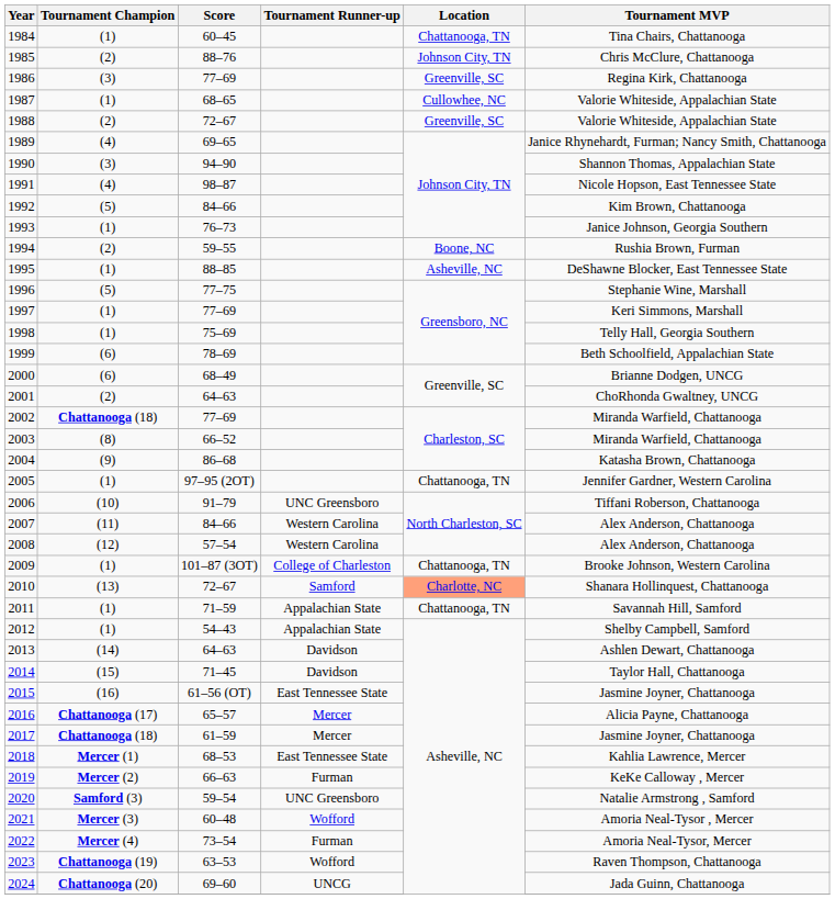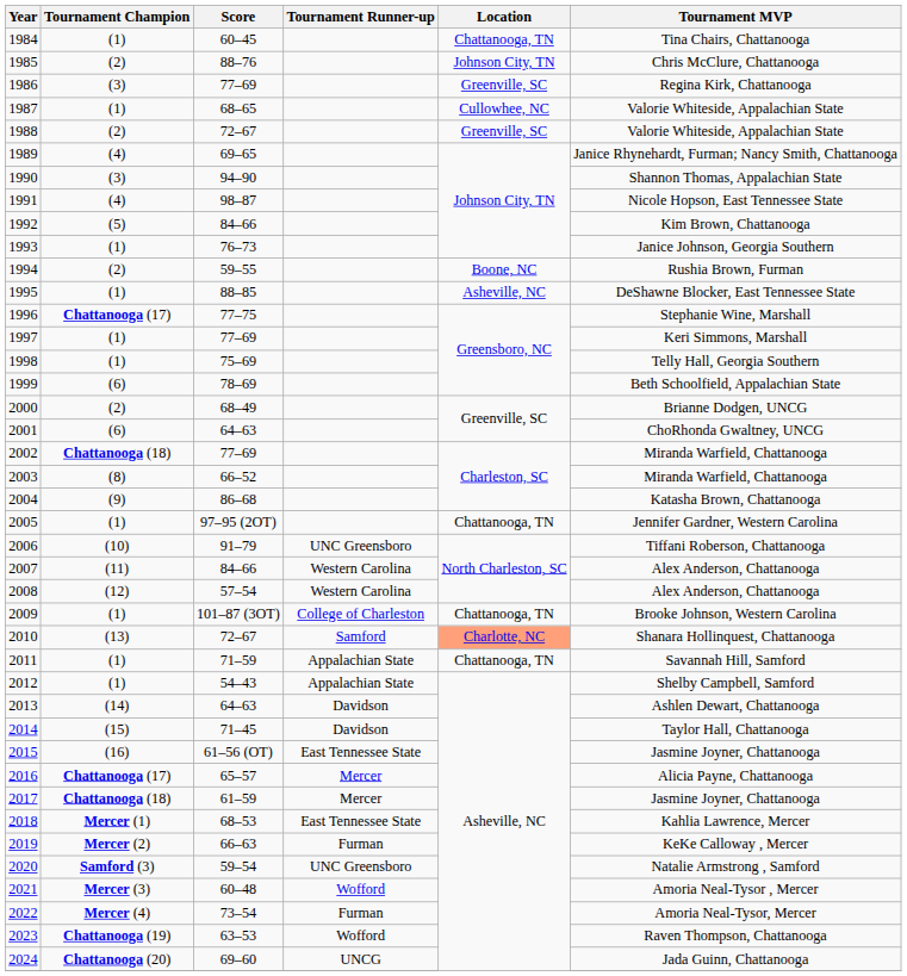 <table class="wikitable sortable" style="text-align:center">
 <tr>
 <th width=px>Year</th>
 <th width=px>Tournament Champion</th>
 <th width=px>Score</th>
 <th width=px>Tournament Runner-up</th>
 <th width=px>Location</th>
 <th width=px>Tournament MVP</th>
 </tr>
 <tr>
 <td>1984</td>
 <td><strong></strong> (1)</td>
 <td>60–45</td>
 <td></td>
 <td><a href='#'>Chattanooga, TN</a></td>
 <td>Tina Chairs, Chattanooga</td>
 </tr>
 <tr>
 <td>1985</td>
 <td><strong></strong> (2)</td>
 <td>88–76</td>
 <td></td>
 <td><a href='#'>Johnson City, TN</a></td>
 <td>Chris McClure, Chattanooga</td>
 </tr>
 <tr>
 <td>1986</td>
 <td><strong></strong> (3)</td>
 <td>77–69</td>
 <td></td>
 <td><a href='#'>Greenville, SC</a></td>
 <td>Regina Kirk, Chattanooga</td>
 </tr>
 <tr>
 <td>1987</td>
 <td><strong></strong> (1)</td>
 <td>68–65</td>
 <td></td>
 <td><a href='#'>Cullowhee, NC</a></td>
 <td>Valorie Whiteside, Appalachian State</td>
 </tr>
 <tr>
 <td>1988</td>
 <td><strong></strong> (2)</td>
 <td>72–67</td>
 <td></td>
 <td><a href='#'>Greenville, SC</a></td>
 <td>Valorie Whiteside, Appalachian State</td>
 </tr>
 <tr>
 <td>1989</td>
 <td><strong></strong> (4)</td>
 <td>69–65</td>
 <td></td>
 <td rowspan=5><a href='#'>Johnson City, TN</a></td>
 <td>Janice Rhynehardt, Furman; Nancy Smith, Chattanooga</td>
 </tr>
 <tr>
 <td>1990</td>
 <td><strong></strong> (3)</td>
 <td>94–90</td>
 <td></td>
 <td>Shannon Thomas, Appalachian State</td>
 </tr>
 <tr>
 <td>1991</td>
 <td><strong></strong> (4)</td>
 <td>98–87</td>
 <td></td>
 <td>Nicole Hopson, East Tennessee State</td>
 </tr>
 <tr>
 <td>1992</td>
 <td><strong></strong> (5)</td>
 <td>84–66</td>
 <td></td>
 <td>Kim Brown, Chattanooga</td>
 </tr>
 <tr>
 <td>1993</td>
 <td><strong></strong> (1)</td>
 <td>76–73</td>
 <td></td>
 <td>Janice Johnson, Georgia Southern</td>
 </tr>
 <tr>
 <td>1994</td>
 <td><strong></strong> (2)</td>
 <td>59–55</td>
 <td></td>
 <td><a href='#'>Boone, NC</a></td>
 <td>Rushia Brown, Furman</td>
 </tr>
 <tr>
 <td>1995</td>
 <td><strong></strong> (1)</td>
 <td>88–85</td>
 <td></td>
 <td><a href='#'>Asheville, NC</a></td>
 <td>DeShawne Blocker, East Tennessee State</td>
 </tr>
 <tr>
 <td>1996</td>
-<td><strong></strong> (5)</td>
+<td><strong><a href='#'>Chattanooga</a></strong> (17)</td>
 <td>77–75</td>
 <td></td>
 <td rowspan=4><a href='#'>Greensboro, NC</a></td>
 <td>Stephanie Wine, Marshall</td>
 </tr>
 <tr>
 <td>1997</td>
 <td><strong></strong> (1)</td>
 <td>77–69</td>
 <td></td>
 <td>Keri Simmons, Marshall</td>
 </tr>
 <tr>
 <td>1998</td>
 <td><strong></strong> (1)</td>
 <td>75–69</td>
 <td></td>
 <td>Telly Hall, Georgia Southern</td>
 </tr>
 <tr>
 <td>1999</td>
 <td><strong></strong> (6)</td>
 <td>78–69</td>
 <td></td>
 <td>Beth Schoolfield, Appalachian State</td>
 </tr>
 <tr>
 <td>2000</td>
-<td><strong></strong> (6)</td>
+<td><strong></strong> (2)</td>
 <td>68–49</td>
 <td></td>
 <td rowspan=2>Greenville, SC</td>
 <td>Brianne Dodgen, UNCG</td>
 </tr>
 <tr>
 <td>2001</td>
-<td><strong></strong> (2)</td>
+<td><strong></strong> (6)</td>
 <td>64–63</td>
 <td></td>
 <td>ChoRhonda Gwaltney, UNCG</td>
 </tr>
 <tr>
 <td>2002</td>
 <td><strong><a href='#'>Chattanooga</a></strong> (18)</td>
 <td>77–69</td>
 <td></td>
 <td rowspan=3><a href='#'>Charleston, SC</a></td>
 <td>Miranda Warfield, Chattanooga</td>
 </tr>
 <tr>
 <td>2003</td>
 <td><strong></strong> (8)</td>
 <td>66–52</td>
 <td></td>
 <td>Miranda Warfield, Chattanooga</td>
 </tr>
 <tr>
 <td>2004</td>
 <td><strong></strong> (9)</td>
 <td>86–68</td>
 <td></td>
 <td>Katasha Brown, Chattanooga</td>
 </tr>
 <tr>
 <td>2005</td>
 <td><strong></strong> (1)</td>
 <td>97–95 (2OT)</td>
 <td></td>
 <td>Chattanooga, TN</td>
 <td>Jennifer Gardner, Western Carolina</td>
 </tr>
 <tr>
 <td>2006</td>
 <td><strong></strong> (10)</td>
 <td>91–79</td>
 <td>UNC Greensboro</td>
 <td rowspan=3><a href='#'>North Charleston, SC</a></td>
 <td>Tiffani Roberson, Chattanooga</td>
 </tr>
 <tr>
 <td>2007</td>
 <td><strong></strong> (11)</td>
 <td>84–66</td>
 <td>Western Carolina</td>
 <td>Alex Anderson, Chattanooga</td>
 </tr>
 <tr>
 <td>2008</td>
 <td><strong></strong> (12)</td>
 <td>57–54</td>
 <td>Western Carolina</td>
 <td>Alex Anderson, Chattanooga</td>
 </tr>
 <tr>
 <td>2009</td>
 <td><strong></strong> (1)</td>
 <td>101–87 (3OT)</td>
 <td><a href='#'>College of Charleston</a></td>
 <td>Chattanooga, TN</td>
 <td>Brooke Johnson, Western Carolina</td>
 </tr>
 <tr>
 <td>2010</td>
 <td><strong></strong> (13)</td>
 <td>72–67</td>
 <td><a href='#'>Samford</a></td>
 <td style="background: lightsalmon;"><a href='#'>Charlotte, NC</a></td>
 <td>Shanara Hollinquest, Chattanooga</td>
 </tr>
 <tr>
 <td>2011</td>
 <td><strong></strong> (1)</td>
 <td>71–59</td>
 <td>Appalachian State</td>
 <td>Chattanooga, TN</td>
 <td>Savannah Hill, Samford</td>
 </tr>
 <tr>
 <td>2012</td>
 <td><strong></strong> (1)</td>
 <td>54–43</td>
 <td>Appalachian State</td>
 <td rowspan=15>Asheville, NC</td>
 <td>Shelby Campbell, Samford</td>
 </tr>
 <tr>
 <td>2013</td>
 <td><strong></strong> (14)</td>
 <td>64–63</td>
 <td>Davidson</td>
 <td>Ashlen Dewart, Chattanooga</td>
 </tr>
 <tr>
 <td><a href='#'>2014</a></td>
 <td><strong></strong> (15)</td>
 <td>71–45</td>
 <td>Davidson</td>
 <td>Taylor Hall, Chattanooga</td>
 </tr>
 <tr>
 <td><a href='#'>2015</a></td>
 <td><strong></strong> (16)</td>
 <td>61–56 (OT)</td>
 <td>East Tennessee State</td>
 <td>Jasmine Joyner, Chattanooga</td>
 </tr>
 <tr>
 <td><a href='#'>2016</a></td>
 <td><strong><a href='#'>Chattanooga</a></strong> (17)</td>
 <td>65–57</td>
 <td><a href='#'>Mercer</a></td>
 <td>Alicia Payne, Chattanooga</td>
 </tr>
 <tr>
 <td><a href='#'>2017</a></td>
 <td><strong><a href='#'>Chattanooga</a></strong> (18)</td>
 <td>61–59</td>
 <td>Mercer</td>
 <td>Jasmine Joyner, Chattanooga</td>
 </tr>
 <tr>
 <td><a href='#'>2018</a></td>
 <td><strong><a href='#'>Mercer</a></strong> (1)</td>
 <td>68–53</td>
 <td>East Tennessee State</td>
 <td>Kahlia Lawrence, Mercer</td>
 </tr>
 <tr>
 <td><a href='#'>2019</a></td>
 <td><strong><a href='#'>Mercer</a></strong> (2)</td>
 <td>66–63</td>
 <td>Furman</td>
 <td>KeKe Calloway , Mercer</td>
 </tr>
 <tr>
 <td><a href='#'>2020</a></td>
 <td><strong><a href='#'>Samford</a></strong> (3)</td>
 <td>59–54</td>
 <td>UNC Greensboro</td>
 <td>Natalie Armstrong , Samford</td>
 </tr>
 <tr>
 <td><a href='#'>2021</a></td>
 <td><strong><a href='#'>Mercer</a></strong> (3)</td>
 <td>60–48</td>
 <td><a href='#'>Wofford</a></td>
 <td>Amoria Neal-Tysor , Mercer</td>
 </tr>
 <tr>
 <td><a href='#'>2022</a></td>
 <td><strong><a href='#'>Mercer</a></strong> (4)</td>
 <td>73–54</td>
 <td>Furman</td>
 <td>Amoria Neal-Tysor, Mercer</td>
 </tr>
 <tr>
 <td><a href='#'>2023</a></td>
 <td><strong><a href='#'>Chattanooga</a></strong> (19)</td>
 <td>63–53</td>
 <td>Wofford</td>
 <td>Raven Thompson, Chattanooga</td>
 </tr>
 <tr>
 <td><a href='#'>2024</a></td>
 <td><strong><a href='#'>Chattanooga</a></strong> (20)</td>
 <td>69–60</td>
 <td>UNCG</td>
 <td>Jada Guinn, Chattanooga</td>
 </tr>
 <tr>
 </tr>
 </table>
